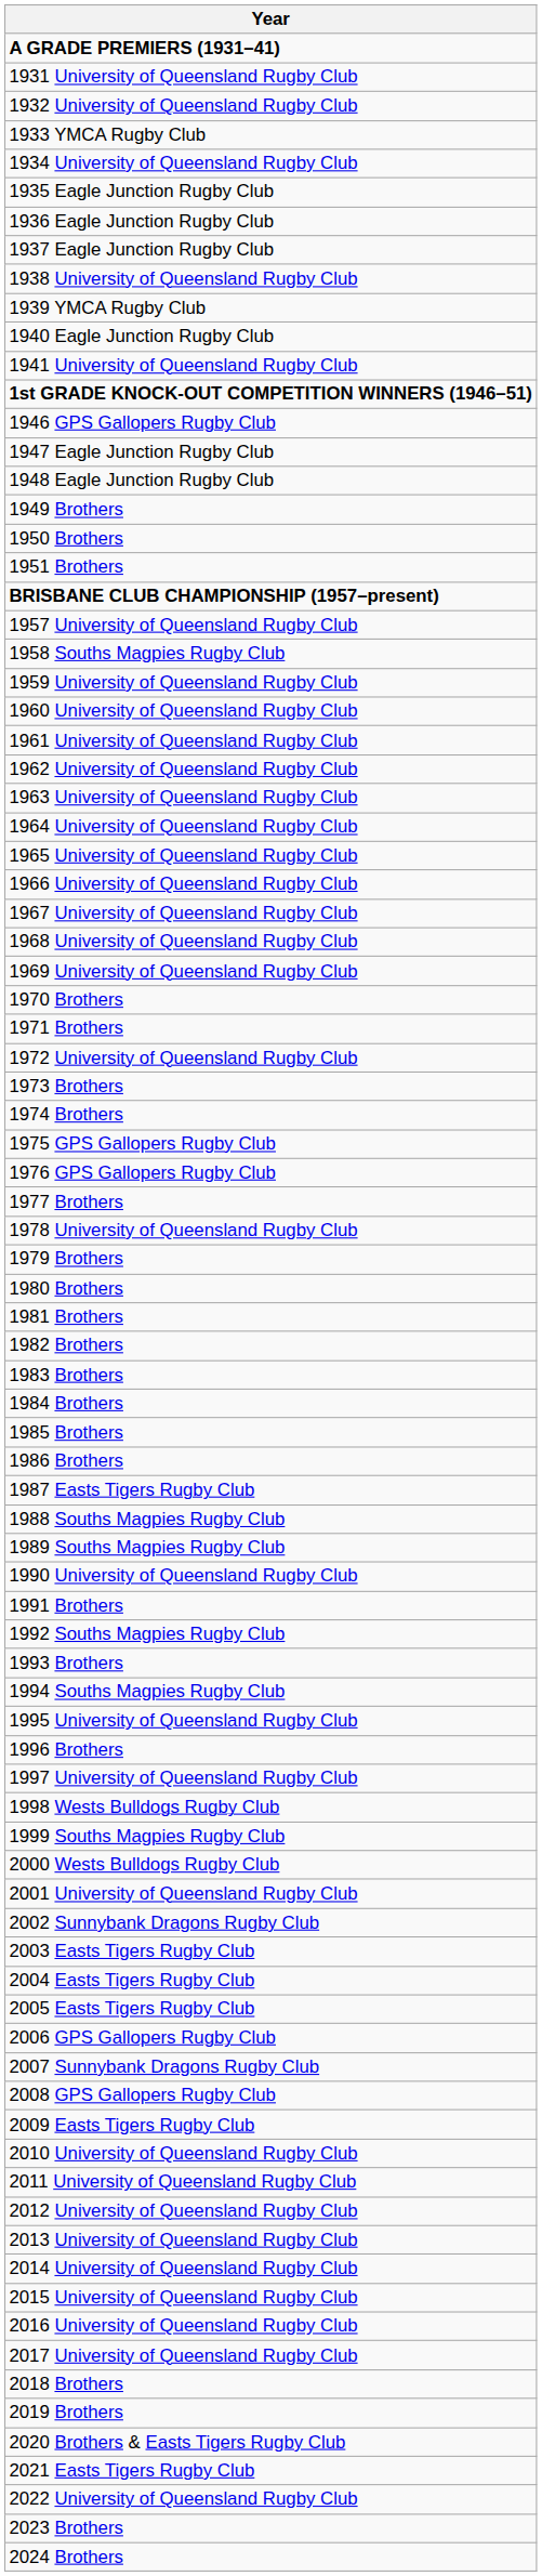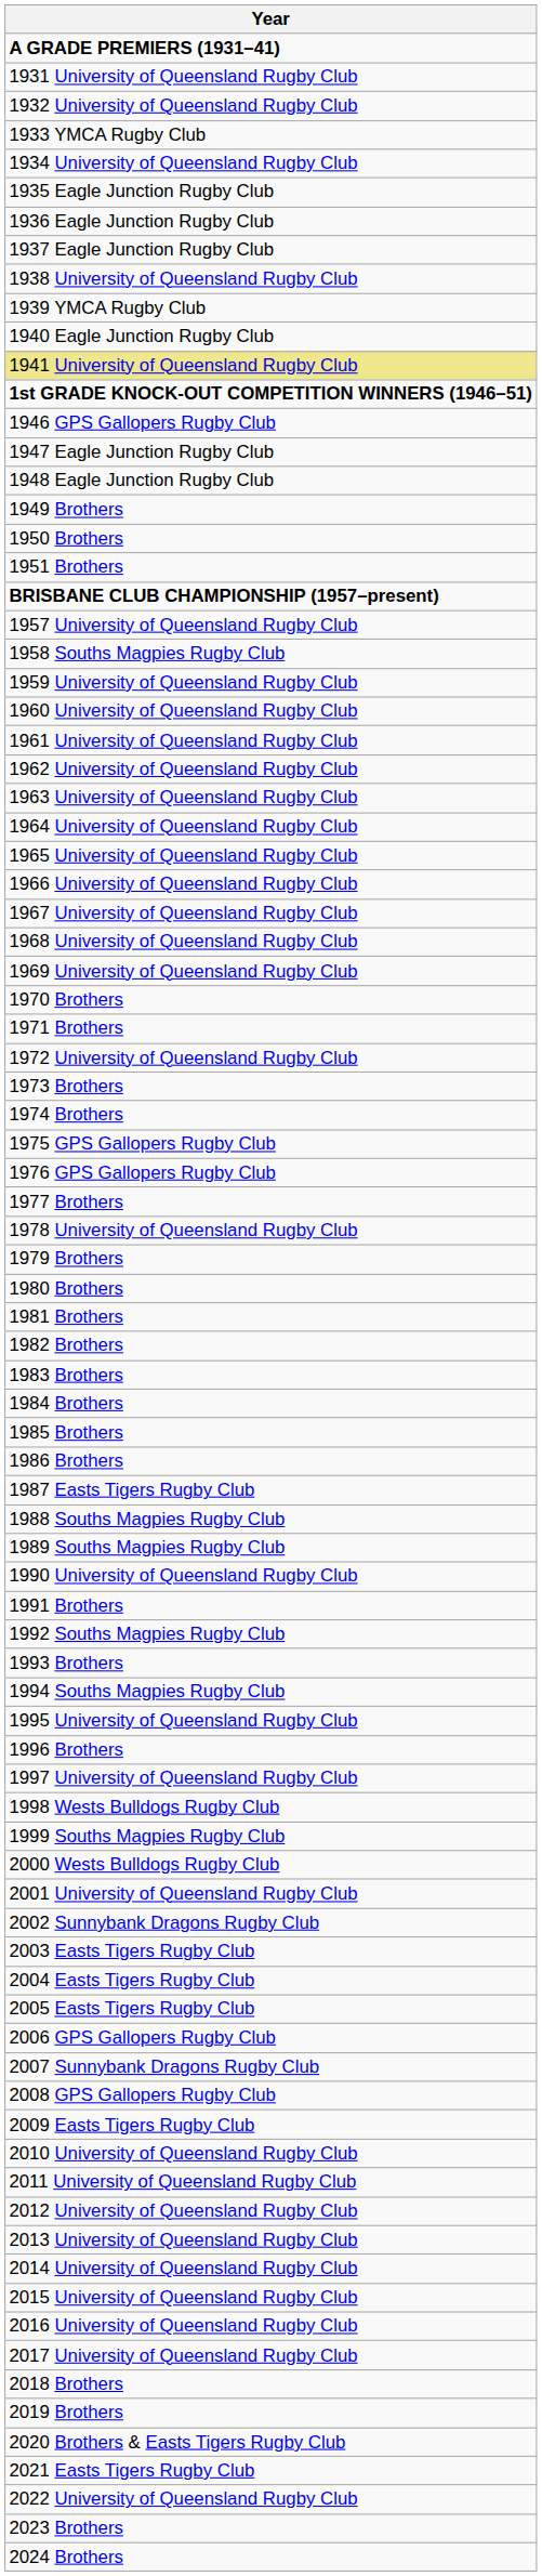 <table class="wikitable">
 <tr>
 <th>Year</th>
 </tr>
 <tr>
 <td><strong>A GRADE PREMIERS (1931–41)</strong></td>
 </tr>
 <tr>
 <td>1931  <a href='#'>University of Queensland Rugby Club</a></td>
 </tr>
 <tr>
 <td>1932  <a href='#'>University of Queensland Rugby Club</a></td>
 </tr>
 <tr>
 <td>1933  YMCA Rugby Club</td>
 </tr>
 <tr>
 <td>1934  <a href='#'>University of Queensland Rugby Club</a></td>
 </tr>
 <tr>
 <td>1935  Eagle Junction Rugby Club</td>
 </tr>
 <tr>
 <td>1936  Eagle Junction Rugby Club</td>
 </tr>
 <tr>
 <td>1937  Eagle Junction Rugby Club</td>
 </tr>
 <tr>
 <td>1938  <a href='#'>University of Queensland Rugby Club</a></td>
 </tr>
 <tr>
 <td>1939  YMCA Rugby Club</td>
 </tr>
 <tr>
 <td>1940  Eagle Junction Rugby Club</td>
 </tr>
 <tr>
-<td>1941  <a href='#'>University of Queensland Rugby Club</a></td>
+<td style="background: khaki;">1941  <a href='#'>University of Queensland Rugby Club</a></td>
 </tr>
 <tr>
 <td><strong>1st GRADE KNOCK-OUT COMPETITION WINNERS (1946–51)</strong></td>
 </tr>
 <tr>
 <td>1946  <a href='#'>GPS Gallopers Rugby Club</a></td>
 </tr>
 <tr>
 <td>1947  Eagle Junction Rugby Club</td>
 </tr>
 <tr>
 <td>1948  Eagle Junction Rugby Club</td>
 </tr>
 <tr>
 <td>1949  <a href='#'>Brothers</a></td>
 </tr>
 <tr>
 <td>1950  <a href='#'>Brothers</a></td>
 </tr>
 <tr>
 <td>1951  <a href='#'>Brothers</a></td>
 </tr>
 <tr>
 <td><strong>BRISBANE CLUB CHAMPIONSHIP (1957–present)</strong></td>
 </tr>
 <tr>
 <td>1957  <a href='#'>University of Queensland Rugby Club</a></td>
 </tr>
 <tr>
 <td>1958  <a href='#'>Souths Magpies Rugby Club</a></td>
 </tr>
 <tr>
 <td>1959  <a href='#'>University of Queensland Rugby Club</a></td>
 </tr>
 <tr>
 <td>1960  <a href='#'>University of Queensland Rugby Club</a></td>
 </tr>
 <tr>
 <td>1961  <a href='#'>University of Queensland Rugby Club</a></td>
 </tr>
 <tr>
 <td>1962  <a href='#'>University of Queensland Rugby Club</a></td>
 </tr>
 <tr>
 <td>1963  <a href='#'>University of Queensland Rugby Club</a></td>
 </tr>
 <tr>
 <td>1964  <a href='#'>University of Queensland Rugby Club</a></td>
 </tr>
 <tr>
 <td>1965  <a href='#'>University of Queensland Rugby Club</a></td>
 </tr>
 <tr>
 <td>1966  <a href='#'>University of Queensland Rugby Club</a></td>
 </tr>
 <tr>
 <td>1967  <a href='#'>University of Queensland Rugby Club</a></td>
 </tr>
 <tr>
 <td>1968  <a href='#'>University of Queensland Rugby Club</a></td>
 </tr>
 <tr>
 <td>1969  <a href='#'>University of Queensland Rugby Club</a></td>
 </tr>
 <tr>
 <td>1970  <a href='#'>Brothers</a></td>
 </tr>
 <tr>
 <td>1971  <a href='#'>Brothers</a></td>
 </tr>
 <tr>
 <td>1972  <a href='#'>University of Queensland Rugby Club</a></td>
 </tr>
 <tr>
 <td>1973  <a href='#'>Brothers</a></td>
 </tr>
 <tr>
 <td>1974  <a href='#'>Brothers</a></td>
 </tr>
 <tr>
 <td>1975  <a href='#'>GPS Gallopers Rugby Club</a></td>
 </tr>
 <tr>
 <td>1976  <a href='#'>GPS Gallopers Rugby Club</a></td>
 </tr>
 <tr>
 <td>1977  <a href='#'>Brothers</a></td>
 </tr>
 <tr>
 <td>1978  <a href='#'>University of Queensland Rugby Club</a></td>
 </tr>
 <tr>
 <td>1979  <a href='#'>Brothers</a></td>
 </tr>
 <tr>
 <td>1980  <a href='#'>Brothers</a></td>
 </tr>
 <tr>
 <td>1981  <a href='#'>Brothers</a></td>
 </tr>
 <tr>
 <td>1982  <a href='#'>Brothers</a></td>
 </tr>
 <tr>
 <td>1983  <a href='#'>Brothers</a></td>
 </tr>
 <tr>
 <td>1984  <a href='#'>Brothers</a></td>
 </tr>
 <tr>
 <td>1985  <a href='#'>Brothers</a></td>
 </tr>
 <tr>
 <td>1986  <a href='#'>Brothers</a></td>
 </tr>
 <tr>
 <td>1987  <a href='#'>Easts Tigers Rugby Club</a></td>
 </tr>
 <tr>
 <td>1988  <a href='#'>Souths Magpies Rugby Club</a></td>
 </tr>
 <tr>
 <td>1989  <a href='#'>Souths Magpies Rugby Club</a></td>
 </tr>
 <tr>
 <td>1990  <a href='#'>University of Queensland Rugby Club</a></td>
 </tr>
 <tr>
 <td>1991  <a href='#'>Brothers</a></td>
 </tr>
 <tr>
 <td>1992  <a href='#'>Souths Magpies Rugby Club</a></td>
 </tr>
 <tr>
 <td>1993  <a href='#'>Brothers</a></td>
 </tr>
 <tr>
 <td>1994  <a href='#'>Souths Magpies Rugby Club</a></td>
 </tr>
 <tr>
 <td>1995  <a href='#'>University of Queensland Rugby Club</a></td>
 </tr>
 <tr>
 <td>1996  <a href='#'>Brothers</a></td>
 </tr>
 <tr>
 <td>1997  <a href='#'>University of Queensland Rugby Club</a></td>
 </tr>
 <tr>
 <td>1998  <a href='#'>Wests Bulldogs Rugby Club</a></td>
 </tr>
 <tr>
 <td>1999  <a href='#'>Souths Magpies Rugby Club</a></td>
 </tr>
 <tr>
 <td>2000  <a href='#'>Wests Bulldogs Rugby Club</a></td>
 </tr>
 <tr>
 <td>2001  <a href='#'>University of Queensland Rugby Club</a></td>
 </tr>
 <tr>
 <td>2002  <a href='#'>Sunnybank Dragons Rugby Club</a></td>
 </tr>
 <tr>
 <td>2003  <a href='#'>Easts Tigers Rugby Club</a></td>
 </tr>
 <tr>
 <td>2004  <a href='#'>Easts Tigers Rugby Club</a></td>
 </tr>
 <tr>
 <td>2005  <a href='#'>Easts Tigers Rugby Club</a></td>
 </tr>
 <tr>
 <td>2006  <a href='#'>GPS Gallopers Rugby Club</a></td>
 </tr>
 <tr>
 <td>2007  <a href='#'>Sunnybank Dragons Rugby Club</a></td>
 </tr>
 <tr>
 <td>2008  <a href='#'>GPS Gallopers Rugby Club</a></td>
 </tr>
 <tr>
 <td>2009  <a href='#'>Easts Tigers Rugby Club</a></td>
 </tr>
 <tr>
 <td>2010  <a href='#'>University of Queensland Rugby Club</a></td>
 </tr>
 <tr>
 <td>2011  <a href='#'>University of Queensland Rugby Club</a></td>
 </tr>
 <tr>
 <td>2012  <a href='#'>University of Queensland Rugby Club</a></td>
 </tr>
 <tr>
 <td>2013  <a href='#'>University of Queensland Rugby Club</a></td>
 </tr>
 <tr>
 <td>2014  <a href='#'>University of Queensland Rugby Club</a></td>
 </tr>
 <tr>
 <td>2015  <a href='#'>University of Queensland Rugby Club</a></td>
 </tr>
 <tr>
 <td>2016  <a href='#'>University of Queensland Rugby Club</a></td>
 </tr>
 <tr>
 <td>2017  <a href='#'>University of Queensland Rugby Club</a></td>
 </tr>
 <tr>
 <td>2018  <a href='#'>Brothers</a></td>
 </tr>
 <tr>
 <td>2019  <a href='#'>Brothers</a></td>
 </tr>
 <tr>
 <td>2020  <a href='#'>Brothers</a> &  <a href='#'>Easts Tigers Rugby Club</a></td>
 </tr>
 <tr>
 <td>2021  <a href='#'>Easts Tigers Rugby Club</a></td>
 </tr>
 <tr>
 <td>2022  <a href='#'>University of Queensland Rugby Club</a></td>
 </tr>
 <tr>
 <td>2023  <a href='#'>Brothers</a></td>
 </tr>
 <tr>
 <td>2024  <a href='#'>Brothers</a></td>
 </tr>
 </table>
